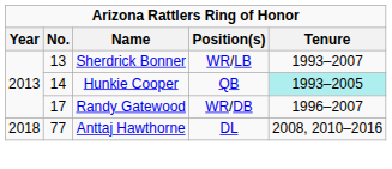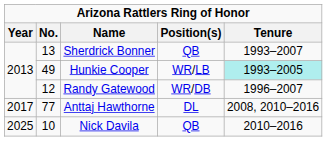 <table class="wikitable" style="text-align:center">
 <tr>
 <td colspan="5"><strong>Arizona Rattlers Ring of Honor</strong></td>
 </tr>
 <tr>
 <th scope="col">Year</th>
 <th scope="col">No.</th>
 <th scope="col">Name</th>
 <th scope="col">Position(s)</th>
 <th scope="col">Tenure</th>
 </tr>
 <tr>
 <td rowspan="3">2013</td>
 <td>13</td>
 <td><a href='#'>Sherdrick Bonner</a></td>
-<td><a href='#'>WR</a>/<a href='#'>LB</a></td>
+<td><a href='#'>QB</a></td>
 <td>1993–2007</td>
 </tr>
 <tr>
-<td>14</td>
+<td>49</td>
 <td><a href='#'>Hunkie Cooper</a></td>
-<td><a href='#'>QB</a></td>
+<td><a href='#'>WR</a>/<a href='#'>LB</a></td>
 <td style="background: paleturquoise;">1993–2005</td>
 </tr>
 <tr>
-<td>17</td>
+<td>12</td>
 <td><a href='#'>Randy Gatewood</a></td>
 <td><a href='#'>WR</a>/<a href='#'>DB</a></td>
 <td>1996–2007</td>
 </tr>
 <tr>
-<td>2018</td>
+<td>2017</td>
 <td>77</td>
 <td><a href='#'>Anttaj Hawthorne</a></td>
 <td><a href='#'>DL</a></td>
 <td>2008, 2010–2016</td>
 </tr>
+<tr>
+<td>2025</td>
+<td>10</td>
+<td><a href='#'>Nick Davila</a></td>
+<td><a href='#'>QB</a></td>
+<td>2010–2016</td>
+</tr>
 </table>
